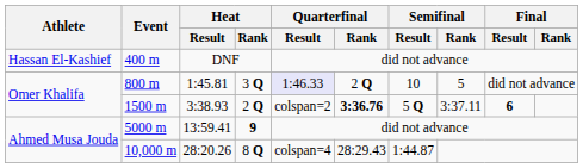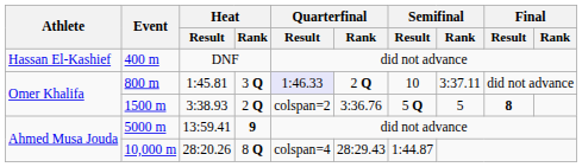 <table class="wikitable" style="font-size:90%">
 <tr>
 <th rowspan="2">Athlete</th>
 <th rowspan="2">Event</th>
 <th colspan="2">Heat</th>
 <th colspan="2">Quarterfinal</th>
 <th colspan="2">Semifinal</th>
 <th colspan="2">Final</th>
 </tr>
 <tr style="font-size:95%">
 <th>Result</th>
 <th>Rank</th>
 <th>Result</th>
 <th>Rank</th>
 <th>Result</th>
 <th>Rank</th>
 <th>Result</th>
 <th>Rank</th>
 </tr>
 <tr align=center>
 <td align=left><a href='#'>Hassan El-Kashief</a></td>
 <td align=left><a href='#'>400 m</a></td>
 <td colspan=2>DNF</td>
 <td colspan=6>did not advance</td>
 </tr>
 <tr align=center>
 <td align=left rowspan=2><a href='#'>Omer Khalifa</a></td>
 <td align=left><a href='#'>800 m</a></td>
 <td>1:45.81</td>
 <td>3 <strong>Q</strong></td>
 <td style="background: lavender;">1:46.33</td>
 <td>2 <strong>Q</strong></td>
 <td>10</td>
-<td>5</td>
+<td>3:37.11</td>
 <td colspan=2>did not advance</td>
 </tr>
 <tr align=center>
 <td align=left><a href='#'>1500 m</a></td>
 <td>3:38.93</td>
 <td>2 <strong>Q</strong></td>
 <td>colspan=2 </td>
-<td><strong>3:36.76</strong></td>
+<td>3:36.76</td>
 <td>5 <strong>Q</strong></td>
-<td>3:37.11</td>
-<td><strong>6</strong></td>
+<td>5</td>
+<td><strong>8</strong></td>
 </tr>
 <tr align=center>
 <td align=left rowspan=2><a href='#'>Ahmed Musa Jouda</a></td>
 <td align=left><a href='#'>5000 m</a></td>
 <td>13:59.41</td>
 <td><strong>9</strong></td>
 <td colspan=6>did not advance</td>
 </tr>
 <tr align=center>
 <td align=left><a href='#'>10,000 m</a></td>
 <td>28:20.26</td>
 <td>8 <strong>Q</strong></td>
 <td>colspan=4 </td>
 <td>28:29.43</td>
 <td>1:44.87</td>
 </tr>
 </table>
